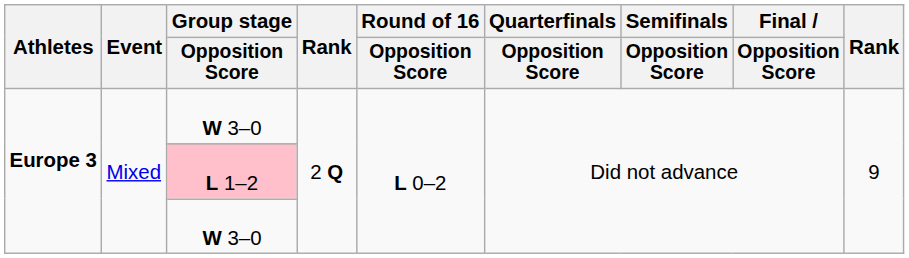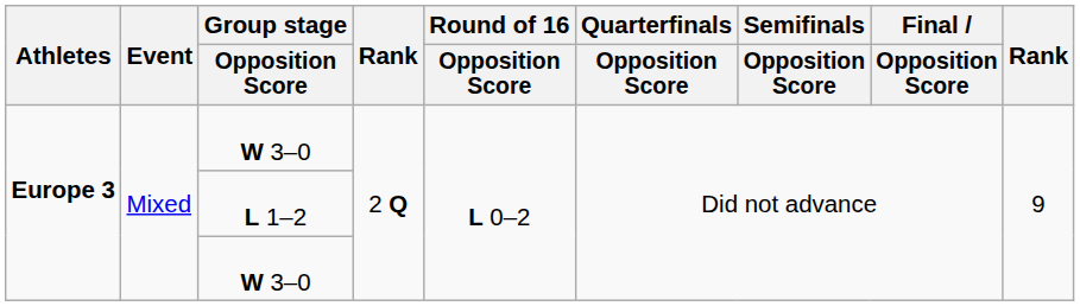 <table class=wikitable style="font-size:90%">
 <tr>
 <th rowspan="2">Athletes</th>
 <th rowspan="2">Event</th>
 <th>Group stage</th>
 <th rowspan="2">Rank</th>
 <th>Round of 16</th>
 <th>Quarterfinals</th>
 <th>Semifinals</th>
 <th>Final / </th>
 <th rowspan=2>Rank</th>
 </tr>
 <tr style="font-size:95%">
 <th>Opposition<br>Score</th>
 <th>Opposition<br>Score</th>
 <th>Opposition<br>Score</th>
 <th>Opposition<br>Score</th>
 <th>Opposition<br>Score</th>
 </tr>
 <tr align=center>
 <td align=left rowspan=3><strong>Europe 3</strong><br><br></td>
 <td align=left rowspan=3><a href='#'>Mixed</a></td>
 <td><br><strong>W</strong> 3–0</td>
 <td rowspan=3>2 <strong>Q</strong></td>
 <td rowspan=3><br><strong>L</strong> 0–2</td>
 <td rowspan=3 colspan=3>Did not advance</td>
 <td rowspan=3>9</td>
 </tr>
 <tr align=center>
-<td style="background: pink;"><br><strong>L</strong> 1–2</td>
+<td><br><strong>L</strong> 1–2</td>
 </tr>
 <tr align=center>
 <td><br><strong>W</strong> 3–0</td>
 </tr>
 </table>
